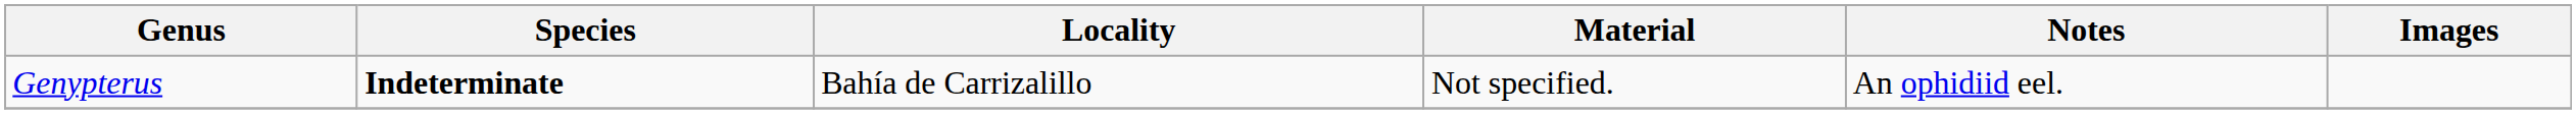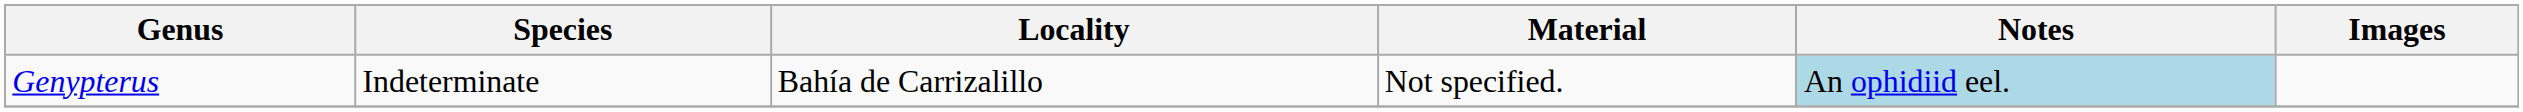 <table class="wikitable" align="center" width="100%">
 <tr>
 <th>Genus</th>
 <th>Species</th>
 <th>Locality</th>
 <th>Material</th>
 <th>Notes</th>
 <th>Images</th>
 </tr>
 <tr>
 <td><em><a href='#'>Genypterus</a></em></td>
-<td><strong>Indeterminate</strong></td>
+<td>Indeterminate</td>
 <td>Bahía de Carrizalillo</td>
 <td>Not specified.</td>
-<td>An <a href='#'>ophidiid</a> eel.</td>
+<td style="background: lightblue;">An <a href='#'>ophidiid</a> eel.</td>
 <td><span></span></td>
 </tr>
 <tr>
 </tr>
 </table>
